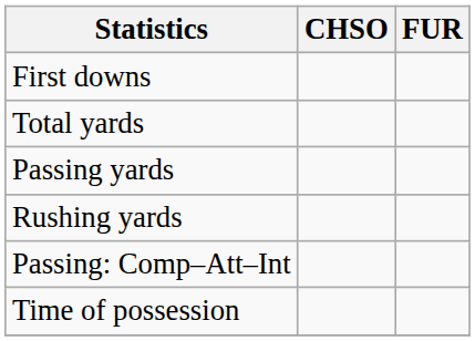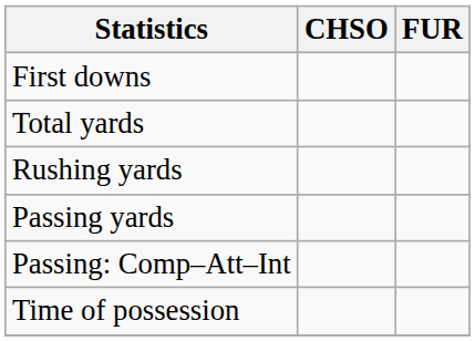 <table class="wikitable" style="float: left;">
 <tr>
 <th>Statistics</th>
 <th>CHSO</th>
 <th>FUR</th>
 </tr>
 <tr>
 <td>First downs</td>
 <td></td>
 <td></td>
 </tr>
 <tr>
 <td>Total yards</td>
 <td></td>
 <td></td>
 </tr>
 <tr>
-<td>Passing yards</td>
+<td>Rushing yards</td>
 <td></td>
 <td></td>
 </tr>
 <tr>
-<td>Rushing yards</td>
+<td>Passing yards</td>
 <td></td>
 <td></td>
 </tr>
 <tr>
 <td>Passing: Comp–Att–Int</td>
 <td></td>
 <td></td>
 </tr>
 <tr>
 <td>Time of possession</td>
 <td></td>
 <td></td>
 </tr>
 <tr>
 </tr>
 </table>
